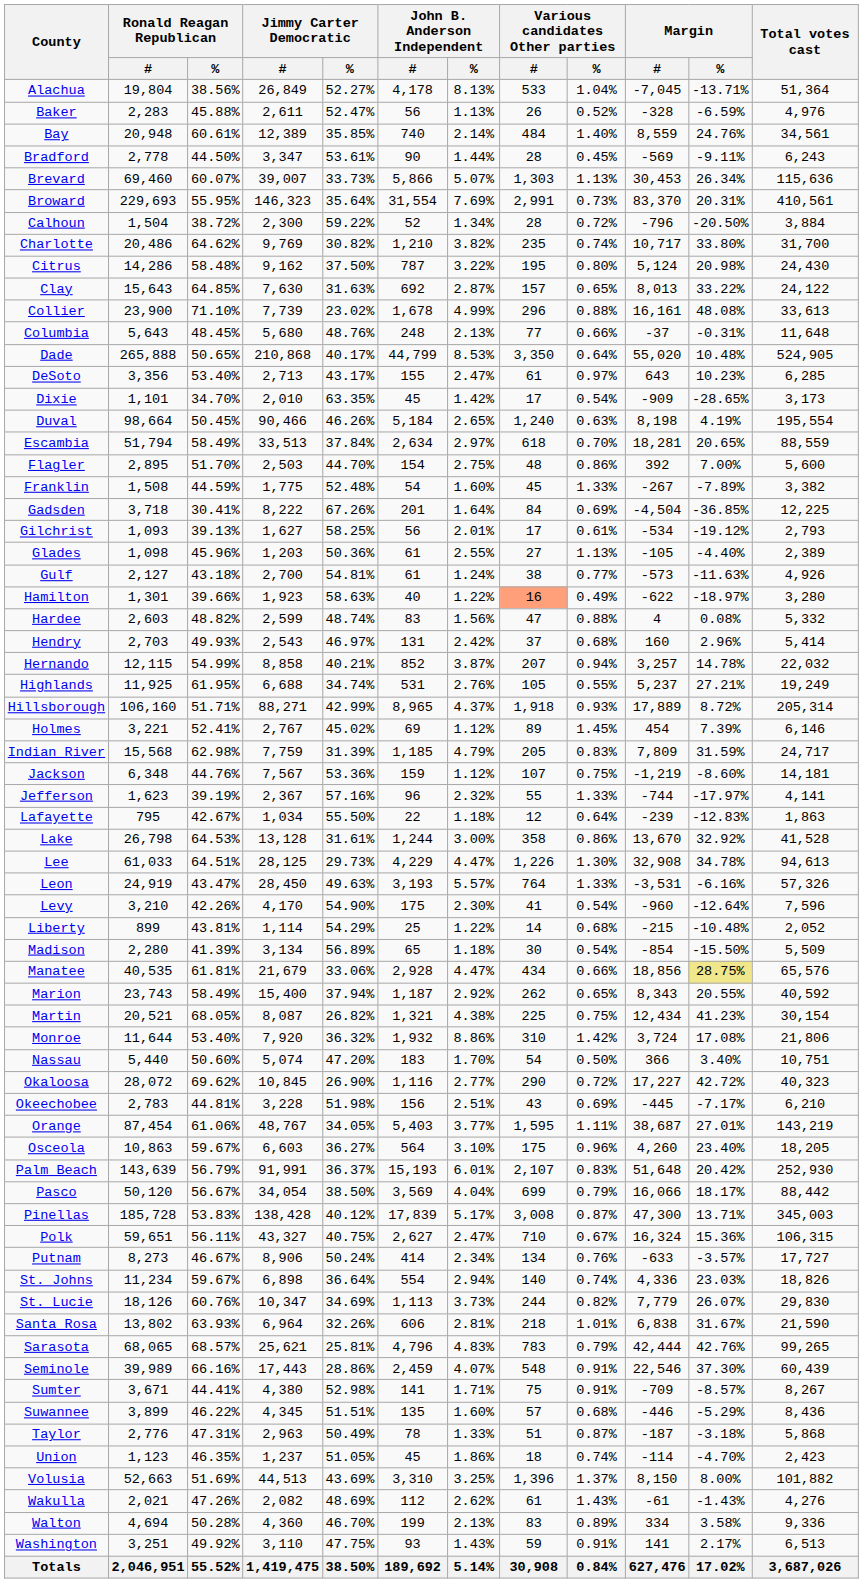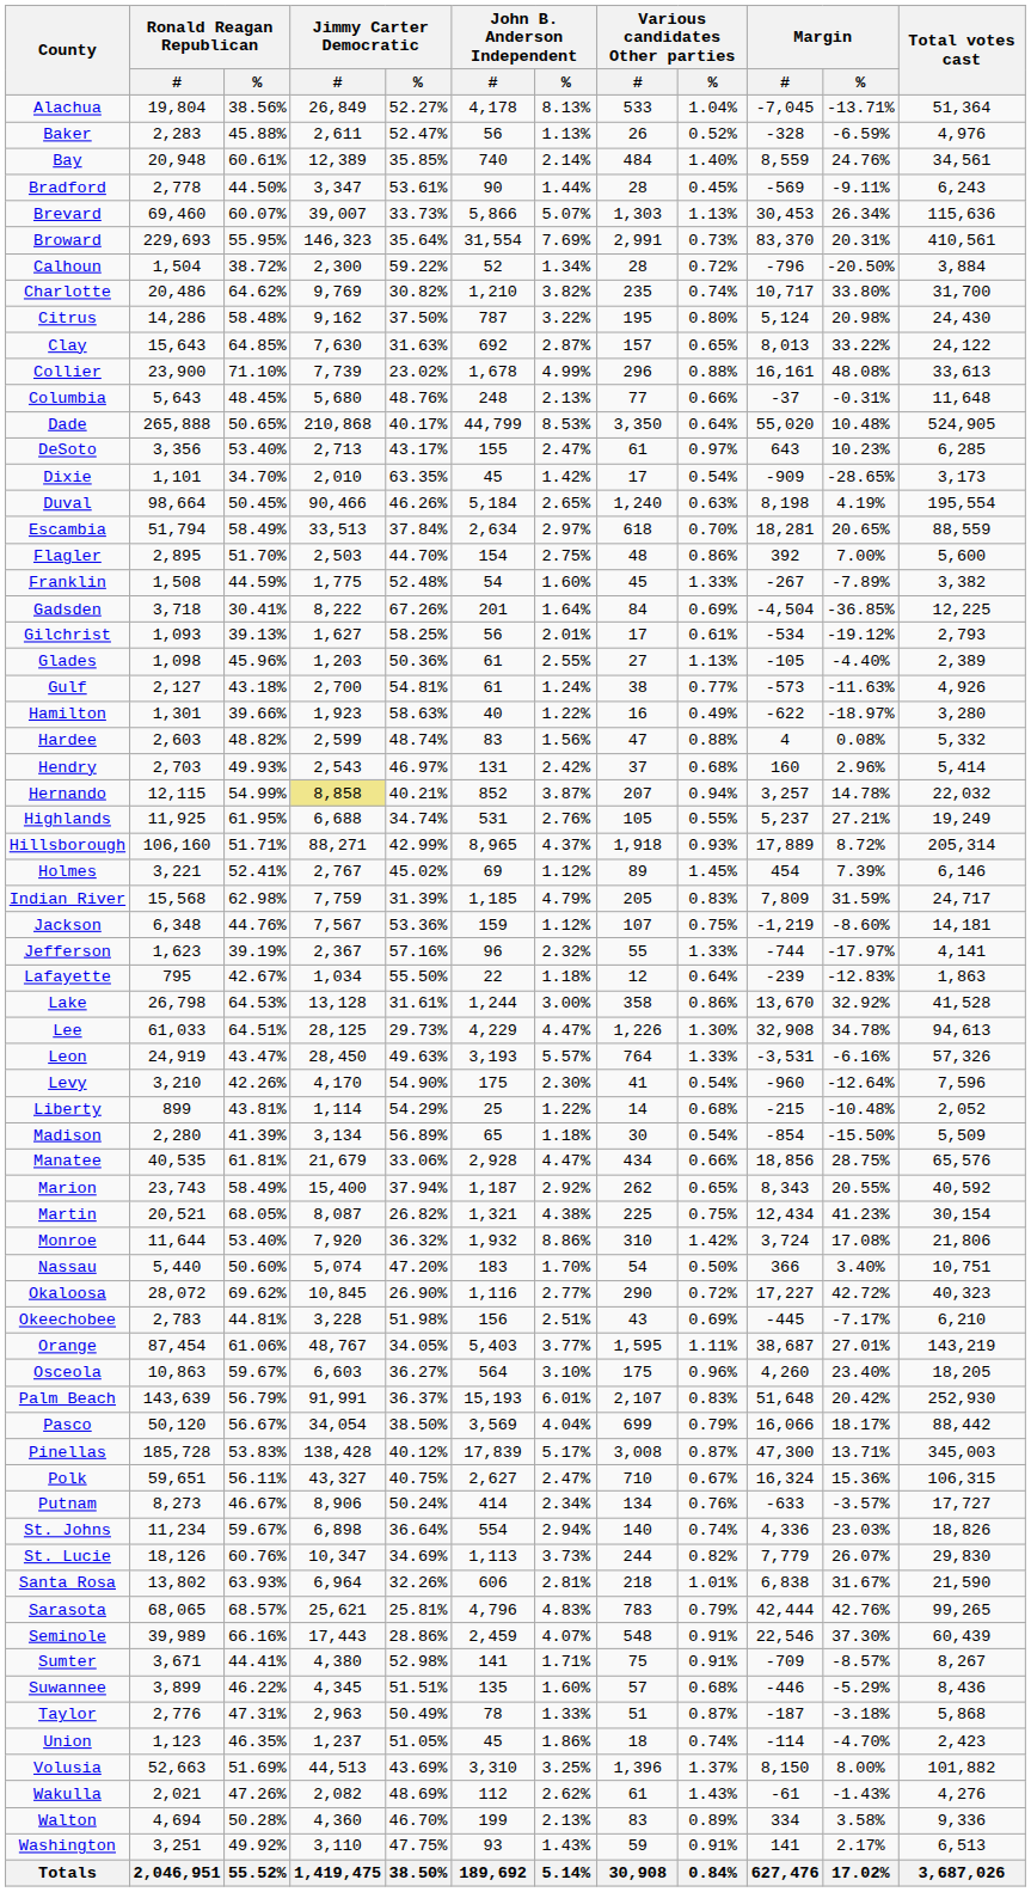 <table class="wikitable sortable" width="65%" style="text-align:center">
 <tr>
 <th colspan="1" rowspan="2">County</th>
 <th colspan="2" style="text-align:center;">Ronald Reagan<br>Republican</th>
 <th colspan="2" style="text-align:center;">Jimmy Carter<br>Democratic</th>
 <th colspan="2" style="text-align:center;">John B. Anderson<br>Independent</th>
 <th colspan="2" style="text-align:center;">Various candidates<br>Other parties</th>
 <th colspan="2" style="text-align:center;">Margin</th>
 <th rowspan="2" style="text-align:center;">Total votes cast</th>
 </tr>
 <tr>
 <th style="text-align:center;" data-sort-type="number">#</th>
 <th style="text-align:center;" data-sort-type="number">%</th>
 <th style="text-align:center;" data-sort-type="number">#</th>
 <th style="text-align:center;" data-sort-type="number">%</th>
 <th style="text-align:center;" data-sort-type="number">#</th>
 <th style="text-align:center;" data-sort-type="number">%</th>
 <th style="text-align:center;" data-sort-type="number">#</th>
 <th style="text-align:center;" data-sort-type="number">%</th>
 <th style="text-align:center;" data-sort-type="number">#</th>
 <th style="text-align:center;" data-sort-type="number">%</th>
 </tr>
 <tr style="text-align:center;">
 <td><a href='#'>Alachua</a></td>
 <td>19,804</td>
 <td>38.56%</td>
 <td>26,849</td>
 <td>52.27%</td>
 <td>4,178</td>
 <td>8.13%</td>
 <td>533</td>
 <td>1.04%</td>
 <td>-7,045</td>
 <td>-13.71%</td>
 <td>51,364</td>
 </tr>
 <tr style="text-align:center;">
 <td><a href='#'>Baker</a></td>
 <td>2,283</td>
 <td>45.88%</td>
 <td>2,611</td>
 <td>52.47%</td>
 <td>56</td>
 <td>1.13%</td>
 <td>26</td>
 <td>0.52%</td>
 <td>-328</td>
 <td>-6.59%</td>
 <td>4,976</td>
 </tr>
 <tr style="text-align:center;">
 <td><a href='#'>Bay</a></td>
 <td>20,948</td>
 <td>60.61%</td>
 <td>12,389</td>
 <td>35.85%</td>
 <td>740</td>
 <td>2.14%</td>
 <td>484</td>
 <td>1.40%</td>
 <td>8,559</td>
 <td>24.76%</td>
 <td>34,561</td>
 </tr>
 <tr style="text-align:center;">
 <td><a href='#'>Bradford</a></td>
 <td>2,778</td>
 <td>44.50%</td>
 <td>3,347</td>
 <td>53.61%</td>
 <td>90</td>
 <td>1.44%</td>
 <td>28</td>
 <td>0.45%</td>
 <td>-569</td>
 <td>-9.11%</td>
 <td>6,243</td>
 </tr>
 <tr style="text-align:center;">
 <td><a href='#'>Brevard</a></td>
 <td>69,460</td>
 <td>60.07%</td>
 <td>39,007</td>
 <td>33.73%</td>
 <td>5,866</td>
 <td>5.07%</td>
 <td>1,303</td>
 <td>1.13%</td>
 <td>30,453</td>
 <td>26.34%</td>
 <td>115,636</td>
 </tr>
 <tr style="text-align:center;">
 <td><a href='#'>Broward</a></td>
 <td>229,693</td>
 <td>55.95%</td>
 <td>146,323</td>
 <td>35.64%</td>
 <td>31,554</td>
 <td>7.69%</td>
 <td>2,991</td>
 <td>0.73%</td>
 <td>83,370</td>
 <td>20.31%</td>
 <td>410,561</td>
 </tr>
 <tr style="text-align:center;">
 <td><a href='#'>Calhoun</a></td>
 <td>1,504</td>
 <td>38.72%</td>
 <td>2,300</td>
 <td>59.22%</td>
 <td>52</td>
 <td>1.34%</td>
 <td>28</td>
 <td>0.72%</td>
 <td>-796</td>
 <td>-20.50%</td>
 <td>3,884</td>
 </tr>
 <tr style="text-align:center;">
 <td><a href='#'>Charlotte</a></td>
 <td>20,486</td>
 <td>64.62%</td>
 <td>9,769</td>
 <td>30.82%</td>
 <td>1,210</td>
 <td>3.82%</td>
 <td>235</td>
 <td>0.74%</td>
 <td>10,717</td>
 <td>33.80%</td>
 <td>31,700</td>
 </tr>
 <tr style="text-align:center;">
 <td><a href='#'>Citrus</a></td>
 <td>14,286</td>
 <td>58.48%</td>
 <td>9,162</td>
 <td>37.50%</td>
 <td>787</td>
 <td>3.22%</td>
 <td>195</td>
 <td>0.80%</td>
 <td>5,124</td>
 <td>20.98%</td>
 <td>24,430</td>
 </tr>
 <tr style="text-align:center;">
 <td><a href='#'>Clay</a></td>
 <td>15,643</td>
 <td>64.85%</td>
 <td>7,630</td>
 <td>31.63%</td>
 <td>692</td>
 <td>2.87%</td>
 <td>157</td>
 <td>0.65%</td>
 <td>8,013</td>
 <td>33.22%</td>
 <td>24,122</td>
 </tr>
 <tr style="text-align:center;">
 <td><a href='#'>Collier</a></td>
 <td>23,900</td>
 <td>71.10%</td>
 <td>7,739</td>
 <td>23.02%</td>
 <td>1,678</td>
 <td>4.99%</td>
 <td>296</td>
 <td>0.88%</td>
 <td>16,161</td>
 <td>48.08%</td>
 <td>33,613</td>
 </tr>
 <tr style="text-align:center;">
 <td><a href='#'>Columbia</a></td>
 <td>5,643</td>
 <td>48.45%</td>
 <td>5,680</td>
 <td>48.76%</td>
 <td>248</td>
 <td>2.13%</td>
 <td>77</td>
 <td>0.66%</td>
 <td>-37</td>
 <td>-0.31%</td>
 <td>11,648</td>
 </tr>
 <tr style="text-align:center;">
 <td><a href='#'>Dade</a></td>
 <td>265,888</td>
 <td>50.65%</td>
 <td>210,868</td>
 <td>40.17%</td>
 <td>44,799</td>
 <td>8.53%</td>
 <td>3,350</td>
 <td>0.64%</td>
 <td>55,020</td>
 <td>10.48%</td>
 <td>524,905</td>
 </tr>
 <tr style="text-align:center;">
 <td><a href='#'>DeSoto</a></td>
 <td>3,356</td>
 <td>53.40%</td>
 <td>2,713</td>
 <td>43.17%</td>
 <td>155</td>
 <td>2.47%</td>
 <td>61</td>
 <td>0.97%</td>
 <td>643</td>
 <td>10.23%</td>
 <td>6,285</td>
 </tr>
 <tr style="text-align:center;">
 <td><a href='#'>Dixie</a></td>
 <td>1,101</td>
 <td>34.70%</td>
 <td>2,010</td>
 <td>63.35%</td>
 <td>45</td>
 <td>1.42%</td>
 <td>17</td>
 <td>0.54%</td>
 <td>-909</td>
 <td>-28.65%</td>
 <td>3,173</td>
 </tr>
 <tr style="text-align:center;">
 <td><a href='#'>Duval</a></td>
 <td>98,664</td>
 <td>50.45%</td>
 <td>90,466</td>
 <td>46.26%</td>
 <td>5,184</td>
 <td>2.65%</td>
 <td>1,240</td>
 <td>0.63%</td>
 <td>8,198</td>
 <td>4.19%</td>
 <td>195,554</td>
 </tr>
 <tr style="text-align:center;">
 <td><a href='#'>Escambia</a></td>
 <td>51,794</td>
 <td>58.49%</td>
 <td>33,513</td>
 <td>37.84%</td>
 <td>2,634</td>
 <td>2.97%</td>
 <td>618</td>
 <td>0.70%</td>
 <td>18,281</td>
 <td>20.65%</td>
 <td>88,559</td>
 </tr>
 <tr style="text-align:center;">
 <td><a href='#'>Flagler</a></td>
 <td>2,895</td>
 <td>51.70%</td>
 <td>2,503</td>
 <td>44.70%</td>
 <td>154</td>
 <td>2.75%</td>
 <td>48</td>
 <td>0.86%</td>
 <td>392</td>
 <td>7.00%</td>
 <td>5,600</td>
 </tr>
 <tr style="text-align:center;">
 <td><a href='#'>Franklin</a></td>
 <td>1,508</td>
 <td>44.59%</td>
 <td>1,775</td>
 <td>52.48%</td>
 <td>54</td>
 <td>1.60%</td>
 <td>45</td>
 <td>1.33%</td>
 <td>-267</td>
 <td>-7.89%</td>
 <td>3,382</td>
 </tr>
 <tr style="text-align:center;">
 <td><a href='#'>Gadsden</a></td>
 <td>3,718</td>
 <td>30.41%</td>
 <td>8,222</td>
 <td>67.26%</td>
 <td>201</td>
 <td>1.64%</td>
 <td>84</td>
 <td>0.69%</td>
 <td>-4,504</td>
 <td>-36.85%</td>
 <td>12,225</td>
 </tr>
 <tr style="text-align:center;">
 <td><a href='#'>Gilchrist</a></td>
 <td>1,093</td>
 <td>39.13%</td>
 <td>1,627</td>
 <td>58.25%</td>
 <td>56</td>
 <td>2.01%</td>
 <td>17</td>
 <td>0.61%</td>
 <td>-534</td>
 <td>-19.12%</td>
 <td>2,793</td>
 </tr>
 <tr style="text-align:center;">
 <td><a href='#'>Glades</a></td>
 <td>1,098</td>
 <td>45.96%</td>
 <td>1,203</td>
 <td>50.36%</td>
 <td>61</td>
 <td>2.55%</td>
 <td>27</td>
 <td>1.13%</td>
 <td>-105</td>
 <td>-4.40%</td>
 <td>2,389</td>
 </tr>
 <tr style="text-align:center;">
 <td><a href='#'>Gulf</a></td>
 <td>2,127</td>
 <td>43.18%</td>
 <td>2,700</td>
 <td>54.81%</td>
 <td>61</td>
 <td>1.24%</td>
 <td>38</td>
 <td>0.77%</td>
 <td>-573</td>
 <td>-11.63%</td>
 <td>4,926</td>
 </tr>
 <tr style="text-align:center;">
 <td><a href='#'>Hamilton</a></td>
 <td>1,301</td>
 <td>39.66%</td>
 <td>1,923</td>
 <td>58.63%</td>
 <td>40</td>
 <td>1.22%</td>
-<td style="background: lightsalmon;">16</td>
+<td>16</td>
 <td>0.49%</td>
 <td>-622</td>
 <td>-18.97%</td>
 <td>3,280</td>
 </tr>
 <tr style="text-align:center;">
 <td><a href='#'>Hardee</a></td>
 <td>2,603</td>
 <td>48.82%</td>
 <td>2,599</td>
 <td>48.74%</td>
 <td>83</td>
 <td>1.56%</td>
 <td>47</td>
 <td>0.88%</td>
 <td>4</td>
 <td>0.08%</td>
 <td>5,332</td>
 </tr>
 <tr style="text-align:center;">
 <td><a href='#'>Hendry</a></td>
 <td>2,703</td>
 <td>49.93%</td>
 <td>2,543</td>
 <td>46.97%</td>
 <td>131</td>
 <td>2.42%</td>
 <td>37</td>
 <td>0.68%</td>
 <td>160</td>
 <td>2.96%</td>
 <td>5,414</td>
 </tr>
 <tr style="text-align:center;">
 <td><a href='#'>Hernando</a></td>
 <td>12,115</td>
 <td>54.99%</td>
-<td>8,858</td>
+<td style="background: khaki;">8,858</td>
 <td>40.21%</td>
 <td>852</td>
 <td>3.87%</td>
 <td>207</td>
 <td>0.94%</td>
 <td>3,257</td>
 <td>14.78%</td>
 <td>22,032</td>
 </tr>
 <tr style="text-align:center;">
 <td><a href='#'>Highlands</a></td>
 <td>11,925</td>
 <td>61.95%</td>
 <td>6,688</td>
 <td>34.74%</td>
 <td>531</td>
 <td>2.76%</td>
 <td>105</td>
 <td>0.55%</td>
 <td>5,237</td>
 <td>27.21%</td>
 <td>19,249</td>
 </tr>
 <tr style="text-align:center;">
 <td><a href='#'>Hillsborough</a></td>
 <td>106,160</td>
 <td>51.71%</td>
 <td>88,271</td>
 <td>42.99%</td>
 <td>8,965</td>
 <td>4.37%</td>
 <td>1,918</td>
 <td>0.93%</td>
 <td>17,889</td>
 <td>8.72%</td>
 <td>205,314</td>
 </tr>
 <tr style="text-align:center;">
 <td><a href='#'>Holmes</a></td>
 <td>3,221</td>
 <td>52.41%</td>
 <td>2,767</td>
 <td>45.02%</td>
 <td>69</td>
 <td>1.12%</td>
 <td>89</td>
 <td>1.45%</td>
 <td>454</td>
 <td>7.39%</td>
 <td>6,146</td>
 </tr>
 <tr style="text-align:center;">
 <td><a href='#'>Indian River</a></td>
 <td>15,568</td>
 <td>62.98%</td>
 <td>7,759</td>
 <td>31.39%</td>
 <td>1,185</td>
 <td>4.79%</td>
 <td>205</td>
 <td>0.83%</td>
 <td>7,809</td>
 <td>31.59%</td>
 <td>24,717</td>
 </tr>
 <tr style="text-align:center;">
 <td><a href='#'>Jackson</a></td>
 <td>6,348</td>
 <td>44.76%</td>
 <td>7,567</td>
 <td>53.36%</td>
 <td>159</td>
 <td>1.12%</td>
 <td>107</td>
 <td>0.75%</td>
 <td>-1,219</td>
 <td>-8.60%</td>
 <td>14,181</td>
 </tr>
 <tr style="text-align:center;">
 <td><a href='#'>Jefferson</a></td>
 <td>1,623</td>
 <td>39.19%</td>
 <td>2,367</td>
 <td>57.16%</td>
 <td>96</td>
 <td>2.32%</td>
 <td>55</td>
 <td>1.33%</td>
 <td>-744</td>
 <td>-17.97%</td>
 <td>4,141</td>
 </tr>
 <tr style="text-align:center;">
 <td><a href='#'>Lafayette</a></td>
 <td>795</td>
 <td>42.67%</td>
 <td>1,034</td>
 <td>55.50%</td>
 <td>22</td>
 <td>1.18%</td>
 <td>12</td>
 <td>0.64%</td>
 <td>-239</td>
 <td>-12.83%</td>
 <td>1,863</td>
 </tr>
 <tr style="text-align:center;">
 <td><a href='#'>Lake</a></td>
 <td>26,798</td>
 <td>64.53%</td>
 <td>13,128</td>
 <td>31.61%</td>
 <td>1,244</td>
 <td>3.00%</td>
 <td>358</td>
 <td>0.86%</td>
 <td>13,670</td>
 <td>32.92%</td>
 <td>41,528</td>
 </tr>
 <tr style="text-align:center;">
 <td><a href='#'>Lee</a></td>
 <td>61,033</td>
 <td>64.51%</td>
 <td>28,125</td>
 <td>29.73%</td>
 <td>4,229</td>
 <td>4.47%</td>
 <td>1,226</td>
 <td>1.30%</td>
 <td>32,908</td>
 <td>34.78%</td>
 <td>94,613</td>
 </tr>
 <tr style="text-align:center;">
 <td><a href='#'>Leon</a></td>
 <td>24,919</td>
 <td>43.47%</td>
 <td>28,450</td>
 <td>49.63%</td>
 <td>3,193</td>
 <td>5.57%</td>
 <td>764</td>
 <td>1.33%</td>
 <td>-3,531</td>
 <td>-6.16%</td>
 <td>57,326</td>
 </tr>
 <tr style="text-align:center;">
 <td><a href='#'>Levy</a></td>
 <td>3,210</td>
 <td>42.26%</td>
 <td>4,170</td>
 <td>54.90%</td>
 <td>175</td>
 <td>2.30%</td>
 <td>41</td>
 <td>0.54%</td>
 <td>-960</td>
 <td>-12.64%</td>
 <td>7,596</td>
 </tr>
 <tr style="text-align:center;">
 <td><a href='#'>Liberty</a></td>
 <td>899</td>
 <td>43.81%</td>
 <td>1,114</td>
 <td>54.29%</td>
 <td>25</td>
 <td>1.22%</td>
 <td>14</td>
 <td>0.68%</td>
 <td>-215</td>
 <td>-10.48%</td>
 <td>2,052</td>
 </tr>
 <tr style="text-align:center;">
 <td><a href='#'>Madison</a></td>
 <td>2,280</td>
 <td>41.39%</td>
 <td>3,134</td>
 <td>56.89%</td>
 <td>65</td>
 <td>1.18%</td>
 <td>30</td>
 <td>0.54%</td>
 <td>-854</td>
 <td>-15.50%</td>
 <td>5,509</td>
 </tr>
 <tr style="text-align:center;">
 <td><a href='#'>Manatee</a></td>
 <td>40,535</td>
 <td>61.81%</td>
 <td>21,679</td>
 <td>33.06%</td>
 <td>2,928</td>
 <td>4.47%</td>
 <td>434</td>
 <td>0.66%</td>
 <td>18,856</td>
-<td style="background: khaki;">28.75%</td>
+<td>28.75%</td>
 <td>65,576</td>
 </tr>
 <tr style="text-align:center;">
 <td><a href='#'>Marion</a></td>
 <td>23,743</td>
 <td>58.49%</td>
 <td>15,400</td>
 <td>37.94%</td>
 <td>1,187</td>
 <td>2.92%</td>
 <td>262</td>
 <td>0.65%</td>
 <td>8,343</td>
 <td>20.55%</td>
 <td>40,592</td>
 </tr>
 <tr style="text-align:center;">
 <td><a href='#'>Martin</a></td>
 <td>20,521</td>
 <td>68.05%</td>
 <td>8,087</td>
 <td>26.82%</td>
 <td>1,321</td>
 <td>4.38%</td>
 <td>225</td>
 <td>0.75%</td>
 <td>12,434</td>
 <td>41.23%</td>
 <td>30,154</td>
 </tr>
 <tr style="text-align:center;">
 <td><a href='#'>Monroe</a></td>
 <td>11,644</td>
 <td>53.40%</td>
 <td>7,920</td>
 <td>36.32%</td>
 <td>1,932</td>
 <td>8.86%</td>
 <td>310</td>
 <td>1.42%</td>
 <td>3,724</td>
 <td>17.08%</td>
 <td>21,806</td>
 </tr>
 <tr style="text-align:center;">
 <td><a href='#'>Nassau</a></td>
 <td>5,440</td>
 <td>50.60%</td>
 <td>5,074</td>
 <td>47.20%</td>
 <td>183</td>
 <td>1.70%</td>
 <td>54</td>
 <td>0.50%</td>
 <td>366</td>
 <td>3.40%</td>
 <td>10,751</td>
 </tr>
 <tr style="text-align:center;">
 <td><a href='#'>Okaloosa</a></td>
 <td>28,072</td>
 <td>69.62%</td>
 <td>10,845</td>
 <td>26.90%</td>
 <td>1,116</td>
 <td>2.77%</td>
 <td>290</td>
 <td>0.72%</td>
 <td>17,227</td>
 <td>42.72%</td>
 <td>40,323</td>
 </tr>
 <tr style="text-align:center;">
 <td><a href='#'>Okeechobee</a></td>
 <td>2,783</td>
 <td>44.81%</td>
 <td>3,228</td>
 <td>51.98%</td>
 <td>156</td>
 <td>2.51%</td>
 <td>43</td>
 <td>0.69%</td>
 <td>-445</td>
 <td>-7.17%</td>
 <td>6,210</td>
 </tr>
 <tr style="text-align:center;">
 <td><a href='#'>Orange</a></td>
 <td>87,454</td>
 <td>61.06%</td>
 <td>48,767</td>
 <td>34.05%</td>
 <td>5,403</td>
 <td>3.77%</td>
 <td>1,595</td>
 <td>1.11%</td>
 <td>38,687</td>
 <td>27.01%</td>
 <td>143,219</td>
 </tr>
 <tr style="text-align:center;">
 <td><a href='#'>Osceola</a></td>
 <td>10,863</td>
 <td>59.67%</td>
 <td>6,603</td>
 <td>36.27%</td>
 <td>564</td>
 <td>3.10%</td>
 <td>175</td>
 <td>0.96%</td>
 <td>4,260</td>
 <td>23.40%</td>
 <td>18,205</td>
 </tr>
 <tr style="text-align:center;">
 <td><a href='#'>Palm Beach</a></td>
 <td>143,639</td>
 <td>56.79%</td>
 <td>91,991</td>
 <td>36.37%</td>
 <td>15,193</td>
 <td>6.01%</td>
 <td>2,107</td>
 <td>0.83%</td>
 <td>51,648</td>
 <td>20.42%</td>
 <td>252,930</td>
 </tr>
 <tr style="text-align:center;">
 <td><a href='#'>Pasco</a></td>
 <td>50,120</td>
 <td>56.67%</td>
 <td>34,054</td>
 <td>38.50%</td>
 <td>3,569</td>
 <td>4.04%</td>
 <td>699</td>
 <td>0.79%</td>
 <td>16,066</td>
 <td>18.17%</td>
 <td>88,442</td>
 </tr>
 <tr style="text-align:center;">
 <td><a href='#'>Pinellas</a></td>
 <td>185,728</td>
 <td>53.83%</td>
 <td>138,428</td>
 <td>40.12%</td>
 <td>17,839</td>
 <td>5.17%</td>
 <td>3,008</td>
 <td>0.87%</td>
 <td>47,300</td>
 <td>13.71%</td>
 <td>345,003</td>
 </tr>
 <tr style="text-align:center;">
 <td><a href='#'>Polk</a></td>
 <td>59,651</td>
 <td>56.11%</td>
 <td>43,327</td>
 <td>40.75%</td>
 <td>2,627</td>
 <td>2.47%</td>
 <td>710</td>
 <td>0.67%</td>
 <td>16,324</td>
 <td>15.36%</td>
 <td>106,315</td>
 </tr>
 <tr style="text-align:center;">
 <td><a href='#'>Putnam</a></td>
 <td>8,273</td>
 <td>46.67%</td>
 <td>8,906</td>
 <td>50.24%</td>
 <td>414</td>
 <td>2.34%</td>
 <td>134</td>
 <td>0.76%</td>
 <td>-633</td>
 <td>-3.57%</td>
 <td>17,727</td>
 </tr>
 <tr style="text-align:center;">
 <td><a href='#'>St. Johns</a></td>
 <td>11,234</td>
 <td>59.67%</td>
 <td>6,898</td>
 <td>36.64%</td>
 <td>554</td>
 <td>2.94%</td>
 <td>140</td>
 <td>0.74%</td>
 <td>4,336</td>
 <td>23.03%</td>
 <td>18,826</td>
 </tr>
 <tr style="text-align:center;">
 <td><a href='#'>St. Lucie</a></td>
 <td>18,126</td>
 <td>60.76%</td>
 <td>10,347</td>
 <td>34.69%</td>
 <td>1,113</td>
 <td>3.73%</td>
 <td>244</td>
 <td>0.82%</td>
 <td>7,779</td>
 <td>26.07%</td>
 <td>29,830</td>
 </tr>
 <tr style="text-align:center;">
 <td><a href='#'>Santa Rosa</a></td>
 <td>13,802</td>
 <td>63.93%</td>
 <td>6,964</td>
 <td>32.26%</td>
 <td>606</td>
 <td>2.81%</td>
 <td>218</td>
 <td>1.01%</td>
 <td>6,838</td>
 <td>31.67%</td>
 <td>21,590</td>
 </tr>
 <tr style="text-align:center;">
 <td><a href='#'>Sarasota</a></td>
 <td>68,065</td>
 <td>68.57%</td>
 <td>25,621</td>
 <td>25.81%</td>
 <td>4,796</td>
 <td>4.83%</td>
 <td>783</td>
 <td>0.79%</td>
 <td>42,444</td>
 <td>42.76%</td>
 <td>99,265</td>
 </tr>
 <tr style="text-align:center;">
 <td><a href='#'>Seminole</a></td>
 <td>39,989</td>
 <td>66.16%</td>
 <td>17,443</td>
 <td>28.86%</td>
 <td>2,459</td>
 <td>4.07%</td>
 <td>548</td>
 <td>0.91%</td>
 <td>22,546</td>
 <td>37.30%</td>
 <td>60,439</td>
 </tr>
 <tr style="text-align:center;">
 <td><a href='#'>Sumter</a></td>
 <td>3,671</td>
 <td>44.41%</td>
 <td>4,380</td>
 <td>52.98%</td>
 <td>141</td>
 <td>1.71%</td>
 <td>75</td>
 <td>0.91%</td>
 <td>-709</td>
 <td>-8.57%</td>
 <td>8,267</td>
 </tr>
 <tr style="text-align:center;">
 <td><a href='#'>Suwannee</a></td>
 <td>3,899</td>
 <td>46.22%</td>
 <td>4,345</td>
 <td>51.51%</td>
 <td>135</td>
 <td>1.60%</td>
 <td>57</td>
 <td>0.68%</td>
 <td>-446</td>
 <td>-5.29%</td>
 <td>8,436</td>
 </tr>
 <tr style="text-align:center;">
 <td><a href='#'>Taylor</a></td>
 <td>2,776</td>
 <td>47.31%</td>
 <td>2,963</td>
 <td>50.49%</td>
 <td>78</td>
 <td>1.33%</td>
 <td>51</td>
 <td>0.87%</td>
 <td>-187</td>
 <td>-3.18%</td>
 <td>5,868</td>
 </tr>
 <tr style="text-align:center;">
 <td><a href='#'>Union</a></td>
 <td>1,123</td>
 <td>46.35%</td>
 <td>1,237</td>
 <td>51.05%</td>
 <td>45</td>
 <td>1.86%</td>
 <td>18</td>
 <td>0.74%</td>
 <td>-114</td>
 <td>-4.70%</td>
 <td>2,423</td>
 </tr>
 <tr style="text-align:center;">
 <td><a href='#'>Volusia</a></td>
 <td>52,663</td>
 <td>51.69%</td>
 <td>44,513</td>
 <td>43.69%</td>
 <td>3,310</td>
 <td>3.25%</td>
 <td>1,396</td>
 <td>1.37%</td>
 <td>8,150</td>
 <td>8.00%</td>
 <td>101,882</td>
 </tr>
 <tr style="text-align:center;">
 <td><a href='#'>Wakulla</a></td>
 <td>2,021</td>
 <td>47.26%</td>
 <td>2,082</td>
 <td>48.69%</td>
 <td>112</td>
 <td>2.62%</td>
 <td>61</td>
 <td>1.43%</td>
 <td>-61</td>
 <td>-1.43%</td>
 <td>4,276</td>
 </tr>
 <tr style="text-align:center;">
 <td><a href='#'>Walton</a></td>
 <td>4,694</td>
 <td>50.28%</td>
 <td>4,360</td>
 <td>46.70%</td>
 <td>199</td>
 <td>2.13%</td>
 <td>83</td>
 <td>0.89%</td>
 <td>334</td>
 <td>3.58%</td>
 <td>9,336</td>
 </tr>
 <tr style="text-align:center;">
 <td><a href='#'>Washington</a></td>
 <td>3,251</td>
 <td>49.92%</td>
 <td>3,110</td>
 <td>47.75%</td>
 <td>93</td>
 <td>1.43%</td>
 <td>59</td>
 <td>0.91%</td>
 <td>141</td>
 <td>2.17%</td>
 <td>6,513</td>
 </tr>
 <tr style="text-align:center;">
 <th>Totals</th>
 <th>2,046,951</th>
 <th>55.52%</th>
 <th>1,419,475</th>
 <th>38.50%</th>
 <th>189,692</th>
 <th>5.14%</th>
 <th>30,908</th>
 <th>0.84%</th>
 <th>627,476</th>
 <th>17.02%</th>
 <th>3,687,026</th>
 </tr>
 </table>
